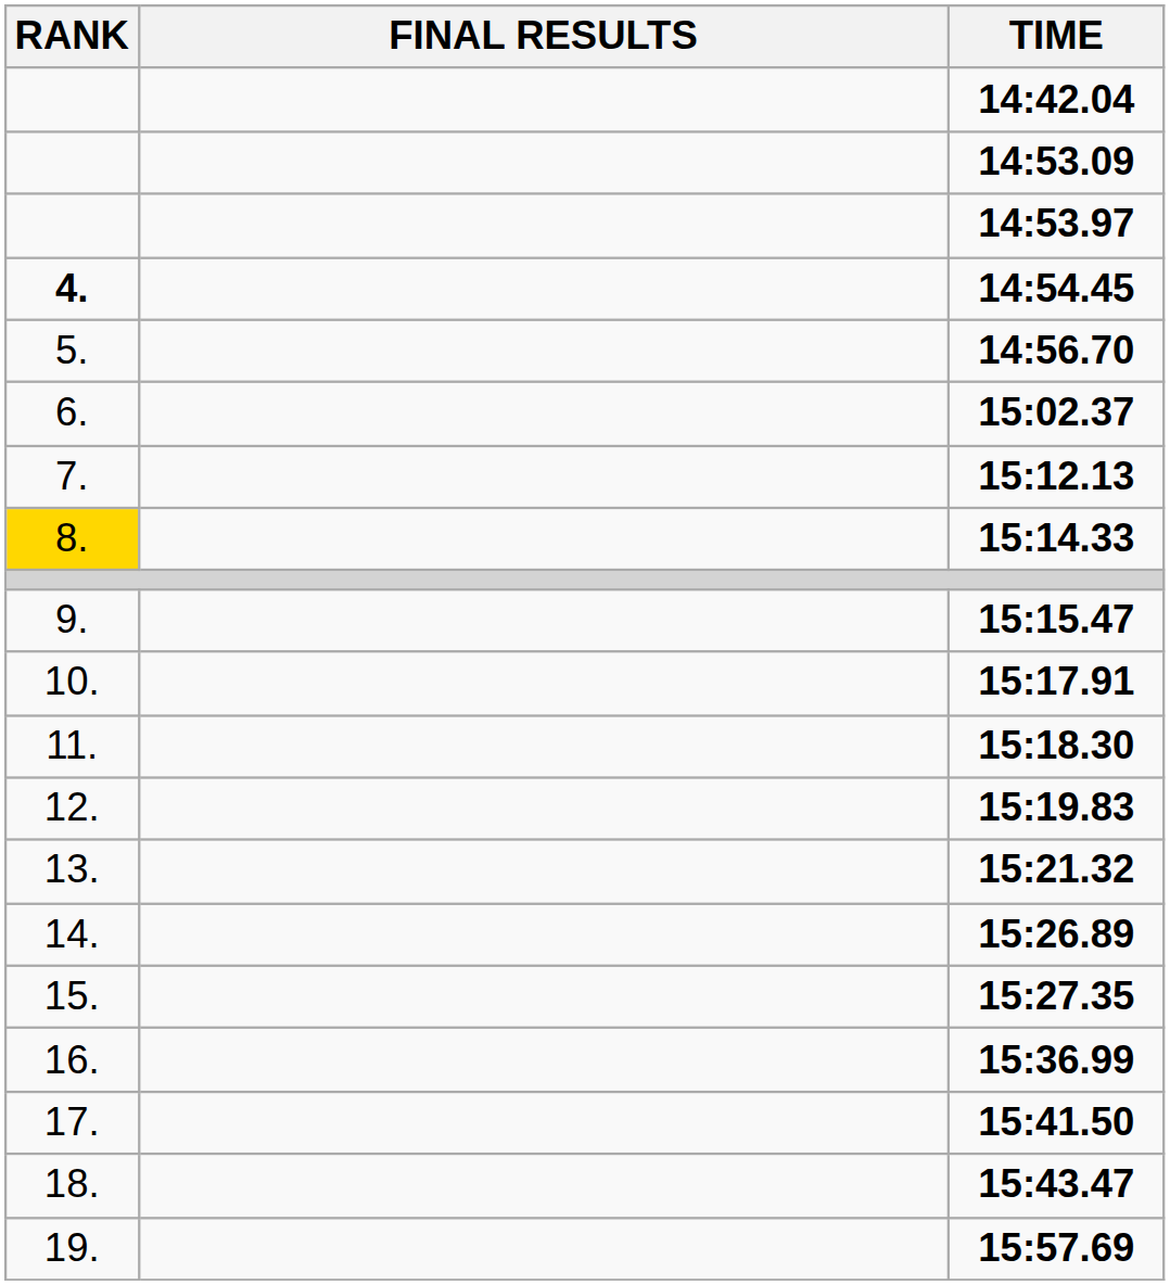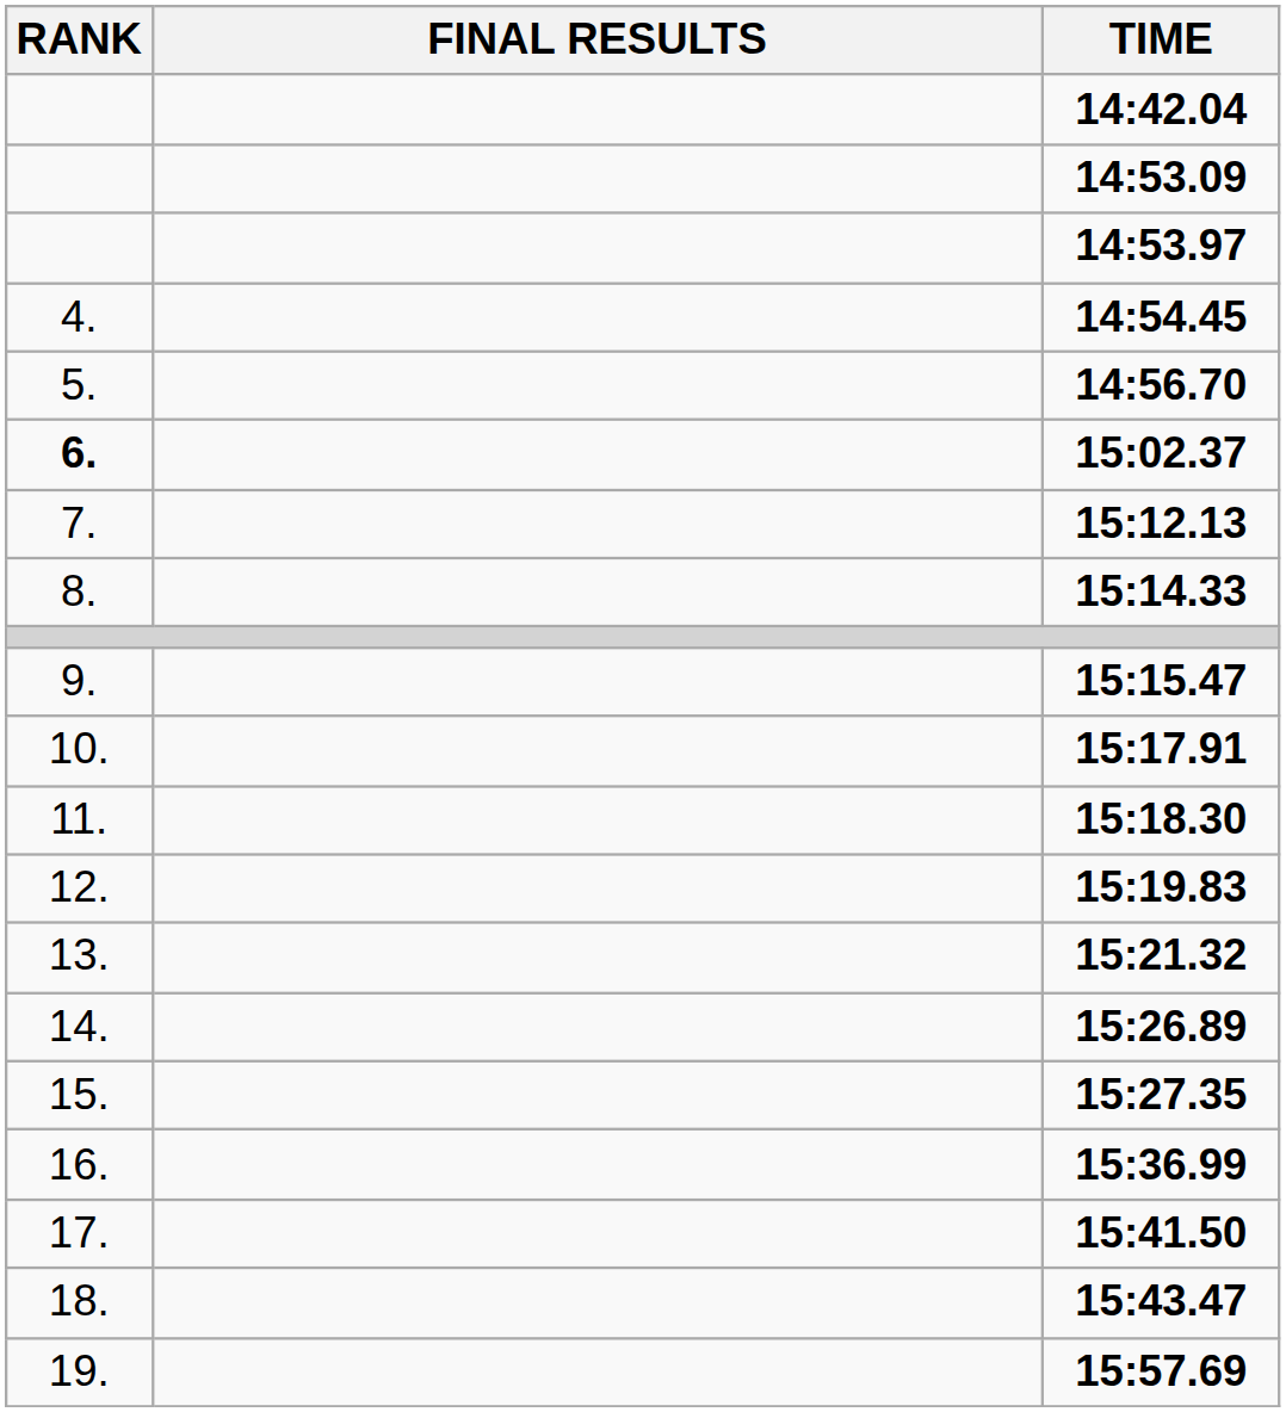 <table class="wikitable">
 <tr>
 <th>RANK</th>
 <th style="width: 20em">FINAL RESULTS</th>
 <th style="width: 5em">TIME</th>
 </tr>
 <tr>
 <td align="center"></td>
 <td></td>
 <td align="center"><strong>14:42.04</strong></td>
 </tr>
 <tr>
 <td align="center"></td>
 <td></td>
 <td align="center"><strong>14:53.09</strong></td>
 </tr>
 <tr>
 <td align="center"></td>
 <td></td>
 <td align="center"><strong>14:53.97</strong></td>
 </tr>
 <tr>
-<td align="center"><strong>4.</strong></td>
+<td align="center">4.</td>
 <td></td>
 <td align="center"><strong>14:54.45</strong></td>
 </tr>
 <tr>
 <td align="center">5.</td>
 <td></td>
 <td align="center"><strong>14:56.70</strong></td>
 </tr>
 <tr>
-<td align="center">6.</td>
+<td align="center"><strong>6.</strong></td>
 <td></td>
 <td align="center"><strong>15:02.37</strong></td>
 </tr>
 <tr>
 <td align="center">7.</td>
 <td></td>
 <td align="center"><strong>15:12.13</strong></td>
 </tr>
 <tr>
-<td align="center" style="background: gold;">8.</td>
+<td align="center">8.</td>
 <td></td>
 <td align="center"><strong>15:14.33</strong></td>
 </tr>
 <tr>
 <td colspan=3 bgcolor=lightgray></td>
 </tr>
 <tr>
 <td align="center">9.</td>
 <td></td>
 <td align="center"><strong>15:15.47</strong></td>
 </tr>
 <tr>
 <td align="center">10.</td>
 <td></td>
 <td align="center"><strong>15:17.91</strong></td>
 </tr>
 <tr>
 <td align="center">11.</td>
 <td></td>
 <td align="center"><strong>15:18.30</strong></td>
 </tr>
 <tr>
 <td align="center">12.</td>
 <td></td>
 <td align="center"><strong>15:19.83</strong></td>
 </tr>
 <tr>
 <td align="center">13.</td>
 <td></td>
 <td align="center"><strong>15:21.32</strong></td>
 </tr>
 <tr>
 <td align="center">14.</td>
 <td></td>
 <td align="center"><strong>15:26.89</strong></td>
 </tr>
 <tr>
 <td align="center">15.</td>
 <td></td>
 <td align="center"><strong>15:27.35</strong></td>
 </tr>
 <tr>
 <td align="center">16.</td>
 <td></td>
 <td align="center"><strong>15:36.99</strong></td>
 </tr>
 <tr>
 <td align="center">17.</td>
 <td></td>
 <td align="center"><strong>15:41.50</strong></td>
 </tr>
 <tr>
 <td align="center">18.</td>
 <td></td>
 <td align="center"><strong>15:43.47</strong></td>
 </tr>
 <tr>
 <td align="center">19.</td>
 <td></td>
 <td align="center"><strong>15:57.69</strong></td>
 </tr>
 </table>
